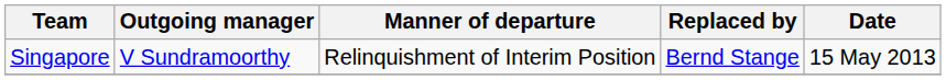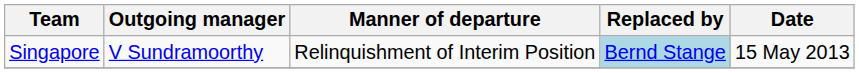 <table class="wikitable sortable">
 <tr>
 <th>Team</th>
 <th>Outgoing manager</th>
 <th>Manner of departure</th>
 <th>Replaced by</th>
 <th>Date</th>
 </tr>
 <tr>
 <td> <a href='#'>Singapore</a></td>
 <td> <a href='#'>V Sundramoorthy</a></td>
 <td>Relinquishment of Interim Position</td>
-<td> <a href='#'>Bernd Stange</a></td>
+<td style="background: lightblue;"> <a href='#'>Bernd Stange</a></td>
 <td>15 May 2013</td>
 </tr>
 <tr>
 </tr>
 </table>
